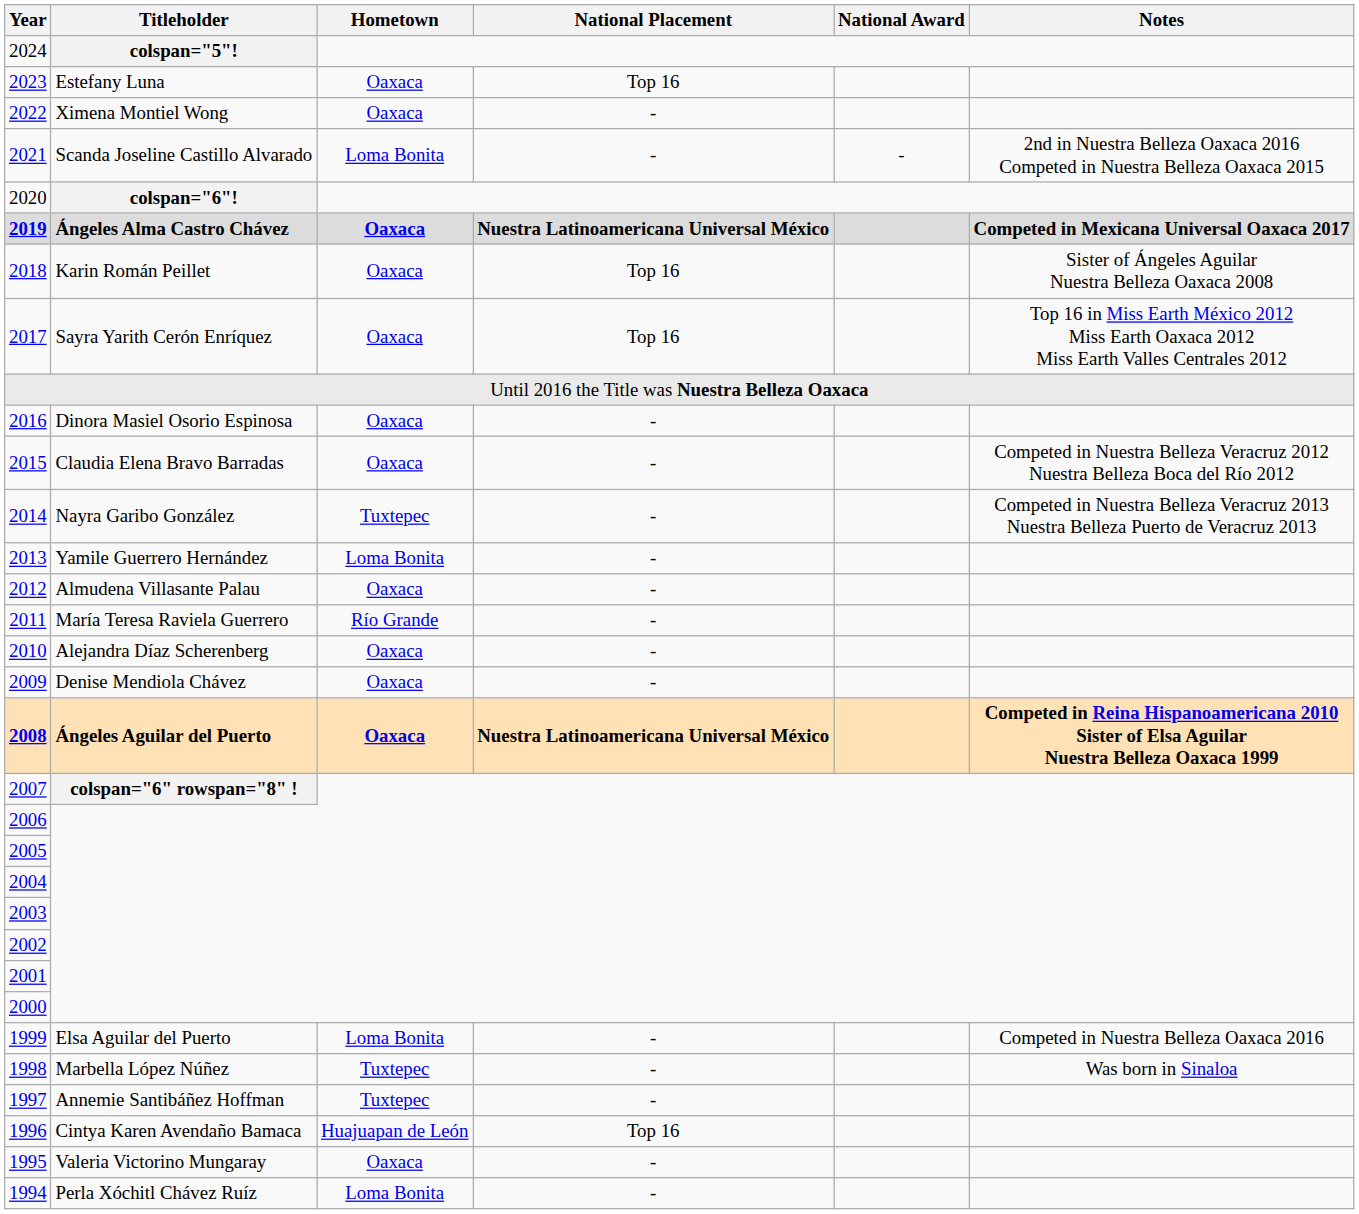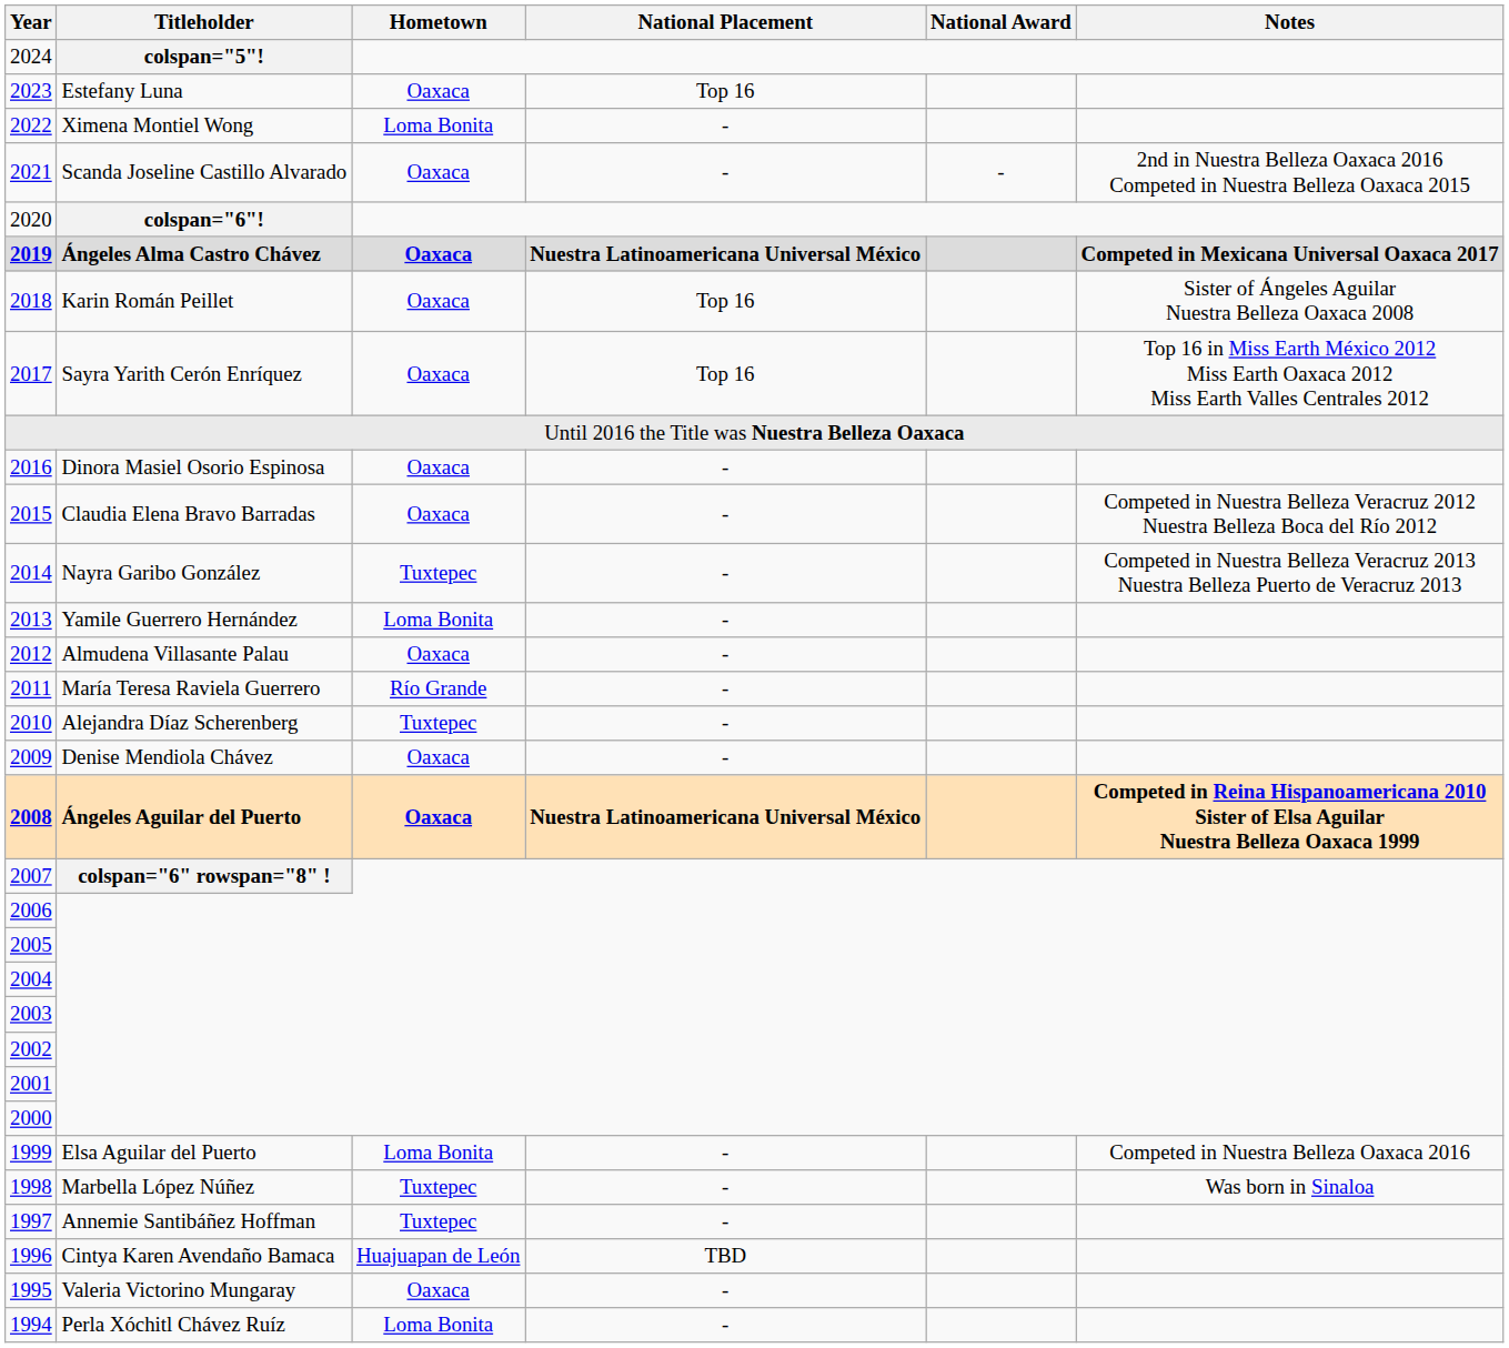 <table class="wikitable sortable" style="font-size:95%;">
 <tr>
 <th>Year</th>
 <th>Titleholder</th>
 <th>Hometown</th>
 <th>National Placement</th>
 <th>National Award</th>
 <th>Notes</th>
 </tr>
 <tr>
 <td align="center">2024</td>
 <th>colspan="5"!</th>
 </tr>
 <tr>
 <td align=center><a href='#'>2023</a></td>
 <td>Estefany Luna</td>
 <td align=center><a href='#'>Oaxaca</a></td>
 <td align="center">Top 16</td>
 <td align=center></td>
 <td align=center></td>
 </tr>
 <tr>
 <td align=center><a href='#'>2022</a></td>
 <td>Ximena Montiel Wong</td>
-<td align=center><a href='#'>Oaxaca</a></td>
+<td align=center><a href='#'>Loma Bonita</a></td>
 <td align=center>-</td>
 <td align=center></td>
 <td align=center></td>
 </tr>
 <tr>
 <td align=center><a href='#'>2021</a></td>
 <td>Scanda Joseline Castillo Alvarado</td>
-<td align=center><a href='#'>Loma Bonita</a></td>
+<td align=center><a href='#'>Oaxaca</a></td>
 <td align=center>-</td>
 <td align=center>-</td>
 <td align=center>2nd in Nuestra Belleza Oaxaca 2016<br>Competed in Nuestra Belleza Oaxaca 2015</td>
 </tr>
 <tr>
 <td align="center">2020</td>
 <th>colspan="6"!</th>
 </tr>
 <tr bgcolor=DCDCDC>
 <td align="center"><strong><a href='#'>2019</a></strong></td>
 <td><strong>Ángeles Alma Castro Chávez</strong></td>
 <td align="center"><strong><a href='#'>Oaxaca</a></strong></td>
 <td align="center"><strong>Nuestra Latinoamericana Universal México</strong></td>
 <td align="center"></td>
 <td align="center"><strong>Competed in Mexicana Universal Oaxaca 2017</strong></td>
 </tr>
 <tr>
 <td align="center"><a href='#'>2018</a></td>
 <td>Karin Román Peillet</td>
 <td align="center"><a href='#'>Oaxaca</a></td>
 <td align="center">Top 16</td>
 <td align="center"></td>
 <td align="center">Sister of Ángeles Aguilar<br>Nuestra Belleza Oaxaca 2008</td>
 </tr>
 <tr>
 <td align="center"><a href='#'>2017</a></td>
 <td>Sayra Yarith Cerón Enríquez</td>
 <td align="center"><a href='#'>Oaxaca</a></td>
 <td align="center">Top 16</td>
 <td align="center"></td>
 <td align="center">Top 16 in <a href='#'>Miss Earth México 2012</a><br>Miss Earth Oaxaca 2012<br>Miss Earth Valles Centrales 2012</td>
 </tr>
 <tr>
 <td colspan="7" bgcolor="#EAEAEA" style="text-align:center;">Until 2016 the Title was <strong>Nuestra Belleza Oaxaca</strong></td>
 </tr>
 <tr>
 <td align="center"><a href='#'>2016</a></td>
 <td>Dinora Masiel Osorio Espinosa</td>
 <td align="center"><a href='#'>Oaxaca</a></td>
 <td align="center">-</td>
 <td align="center"></td>
 <td align="center"></td>
 </tr>
 <tr>
 <td align="center"><a href='#'>2015</a></td>
 <td>Claudia Elena Bravo Barradas</td>
 <td align="center"><a href='#'>Oaxaca</a></td>
 <td align="center">-</td>
 <td align="center"></td>
 <td align="center">Competed in Nuestra Belleza Veracruz 2012<br>Nuestra Belleza Boca del Río 2012</td>
 </tr>
 <tr>
 <td align="center"><a href='#'>2014</a></td>
 <td>Nayra Garibo González</td>
 <td align="center"><a href='#'>Tuxtepec</a></td>
 <td align="center">-</td>
 <td align="center"></td>
 <td align="center">Competed in Nuestra Belleza Veracruz 2013<br>Nuestra Belleza Puerto de Veracruz 2013</td>
 </tr>
 <tr>
 <td align="center"><a href='#'>2013</a></td>
 <td>Yamile Guerrero Hernández</td>
 <td align="center"><a href='#'>Loma Bonita</a></td>
 <td align="center">-</td>
 <td align="center"></td>
 <td align="center"></td>
 </tr>
 <tr>
 <td align="center"><a href='#'>2012</a></td>
 <td>Almudena Villasante Palau</td>
 <td align="center"><a href='#'>Oaxaca</a></td>
 <td align="center">-</td>
 <td align="center"></td>
 <td align="center"></td>
 </tr>
 <tr>
 <td align="center"><a href='#'>2011</a></td>
 <td>María Teresa Raviela Guerrero</td>
 <td align="center"><a href='#'>Río Grande</a></td>
 <td align="center">-</td>
 <td align="center"></td>
 <td align="center"></td>
 </tr>
 <tr>
 <td align="center"><a href='#'>2010</a></td>
 <td>Alejandra Díaz Scherenberg</td>
-<td align="center"><a href='#'>Oaxaca</a></td>
+<td align="center"><a href='#'>Tuxtepec</a></td>
 <td align="center">-</td>
 <td align="center"></td>
 <td align="center"></td>
 </tr>
 <tr>
 <td align="center"><a href='#'>2009</a></td>
 <td>Denise Mendiola Chávez</td>
 <td align="center"><a href='#'>Oaxaca</a></td>
 <td align="center">-</td>
 <td align="center"></td>
 <td align="center"></td>
 </tr>
 <tr bgcolor="#FFE1B6">
 <td align="center"><strong><a href='#'>2008</a></strong></td>
 <td><strong> Ángeles Aguilar del Puerto</strong></td>
 <td align="center"><strong><a href='#'>Oaxaca</a></strong></td>
 <td align="center"><strong>Nuestra Latinoamericana Universal México</strong></td>
 <td align="center"></td>
 <td align="center"><strong>Competed in <a href='#'>Reina Hispanoamericana 2010</a><br>Sister of Elsa Aguilar<br>Nuestra Belleza Oaxaca 1999</strong></td>
 </tr>
 <tr>
 <td align="center"><a href='#'>2007</a></td>
 <th>colspan="6" rowspan="8" !</th>
 </tr>
 <tr>
 <td align="center"><a href='#'>2006</a></td>
 </tr>
 <tr>
 <td align="center"><a href='#'>2005</a></td>
 </tr>
 <tr>
 <td align="center"><a href='#'>2004</a></td>
 </tr>
 <tr>
 <td align="center"><a href='#'>2003</a></td>
 </tr>
 <tr>
 <td align="center"><a href='#'>2002</a></td>
 </tr>
 <tr>
 <td align="center"><a href='#'>2001</a></td>
 </tr>
 <tr>
 <td align="center"><a href='#'>2000</a></td>
 </tr>
 <tr>
 <td align="center"><a href='#'>1999</a></td>
 <td>Elsa Aguilar del Puerto</td>
 <td align=center><a href='#'>Loma Bonita</a></td>
 <td align="center">-</td>
 <td align="center"></td>
 <td align="center">Competed in Nuestra Belleza Oaxaca 2016</td>
 </tr>
 <tr>
 <td align="center"><a href='#'>1998</a></td>
 <td>Marbella López Núñez</td>
 <td align="center"><a href='#'>Tuxtepec</a></td>
 <td align="center">-</td>
 <td align="center"></td>
 <td align="center">Was born in <a href='#'>Sinaloa</a></td>
 </tr>
 <tr>
 <td align="center"><a href='#'>1997</a></td>
 <td>Annemie Santibáñez Hoffman</td>
 <td align="center"><a href='#'>Tuxtepec</a></td>
 <td align="center">-</td>
 <td align="center"></td>
 <td align="center"></td>
 </tr>
 <tr>
 <td align="center"><a href='#'>1996</a></td>
 <td>Cintya Karen Avendaño Bamaca</td>
 <td align="center"><a href='#'>Huajuapan de León</a></td>
-<td align="center">Top 16</td>
+<td align=center>TBD</td>
 <td align="center"></td>
 <td align="center"></td>
 </tr>
 <tr>
 <td align="center"><a href='#'>1995</a></td>
 <td>Valeria Victorino Mungaray</td>
 <td align="center"><a href='#'>Oaxaca</a></td>
 <td align="center">-</td>
 <td align="center"></td>
 <td align="center"></td>
 </tr>
 <tr>
 <td align="center"><a href='#'>1994</a></td>
 <td>Perla Xóchitl Chávez Ruíz</td>
 <td align="center"><a href='#'>Loma Bonita</a></td>
 <td align="center">-</td>
 <td align="center"></td>
 <td align="center"></td>
 </tr>
 </table>
